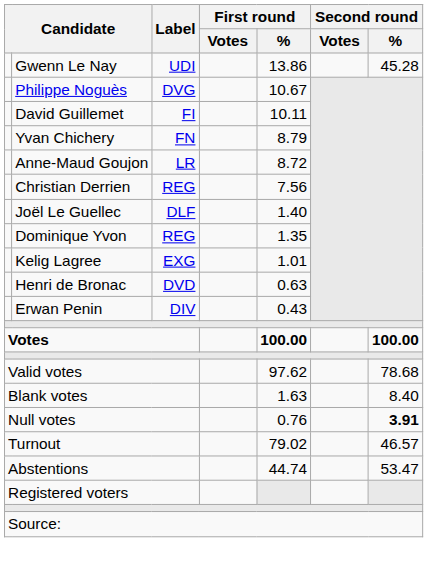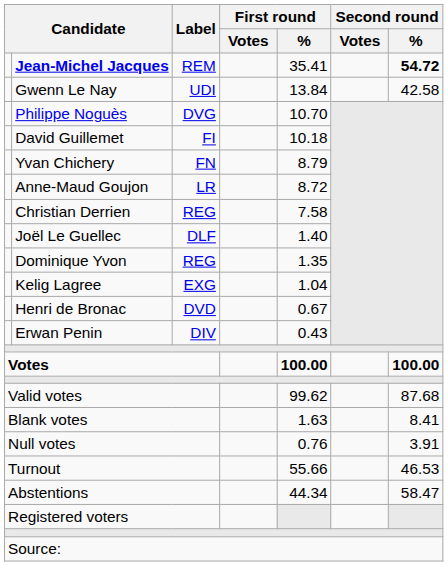 <table class="wikitable" style="text-align:right;font-size:95%;">
 <tr>
 <th rowspan="2" colspan="2">Candidate</th>
 <th rowspan="2">Label</th>
 <th colspan="2">First round</th>
 <th colspan="2">Second round</th>
 </tr>
 <tr>
 <th style="width:50px;">Votes</th>
 <th style="width:45px;">%</th>
 <th style="width:50px;">Votes</th>
 <th style="width:45px;">%</th>
 </tr>
 <tr>
 <td style="color:inherit;background:"></td>
+<td style="text-align:left;"><strong><a href='#'>Jean-Michel Jacques</a></strong></td>
+<td><a href='#'>REM</a></td>
+<td></td>
+<td>35.41</td>
+<td><strong></strong></td>
+<td><strong>54.72</strong></td>
+</tr>
+<tr>
+<td style="color:inherit;background:"></td>
 <td style="text-align:left;">Gwenn Le Nay</td>
 <td><a href='#'>UDI</a></td>
 <td></td>
-<td>13.86</td>
+<td>13.84</td>
 <td></td>
-<td>45.28</td>
+<td>42.58</td>
 </tr>
 <tr>
 <td style="color:inherit;background:"></td>
 <td style="text-align:left;"><a href='#'>Philippe Noguès</a></td>
 <td><a href='#'>DVG</a></td>
 <td></td>
-<td>10.67</td>
+<td>10.70</td>
 <td colspan="2" rowspan="10" style="background:#E9E9E9;"></td>
 </tr>
 <tr>
 <td style="color:inherit;background:"></td>
 <td style="text-align:left;">David Guillemet</td>
 <td><a href='#'>FI</a></td>
 <td></td>
-<td>10.11</td>
+<td>10.18</td>
 </tr>
 <tr>
 <td style="color:inherit;background:"></td>
 <td style="text-align:left;">Yvan Chichery</td>
 <td><a href='#'>FN</a></td>
 <td></td>
 <td>8.79</td>
 </tr>
 <tr>
 <td style="color:inherit;background:"></td>
 <td style="text-align:left;">Anne-Maud Goujon</td>
 <td><a href='#'>LR</a></td>
 <td></td>
 <td>8.72</td>
 </tr>
 <tr>
 <td style="color:inherit;background:"></td>
 <td style="text-align:left;">Christian Derrien</td>
 <td><a href='#'>REG</a></td>
 <td></td>
-<td>7.56</td>
+<td>7.58</td>
 </tr>
 <tr>
 <td style="color:inherit;background:"></td>
 <td style="text-align:left;">Joël Le Guellec</td>
 <td><a href='#'>DLF</a></td>
 <td></td>
 <td>1.40</td>
 </tr>
 <tr>
 <td style="color:inherit;background:"></td>
 <td style="text-align:left;">Dominique Yvon</td>
 <td><a href='#'>REG</a></td>
 <td></td>
 <td>1.35</td>
 </tr>
 <tr>
 <td style="color:inherit;background:"></td>
 <td style="text-align:left;">Kelig Lagree</td>
 <td><a href='#'>EXG</a></td>
 <td></td>
-<td>1.01</td>
+<td>1.04</td>
 </tr>
 <tr>
 <td style="color:inherit;background:"></td>
 <td style="text-align:left;">Henri de Bronac</td>
 <td><a href='#'>DVD</a></td>
 <td></td>
-<td>0.63</td>
+<td>0.67</td>
 </tr>
 <tr>
 <td style="color:inherit;background:"></td>
 <td style="text-align:left;">Erwan Penin</td>
 <td><a href='#'>DIV</a></td>
 <td></td>
 <td>0.43</td>
 </tr>
 <tr>
 <td colspan="7" style="background:#E9E9E9;"></td>
 </tr>
 <tr style="font-weight:bold;">
 <td colspan="3" style="text-align:left;">Votes</td>
 <td></td>
 <td>100.00</td>
 <td></td>
 <td>100.00</td>
 </tr>
 <tr>
 <td colspan="7" style="background:#E9E9E9;"></td>
 </tr>
 <tr>
 <td colspan="3" style="text-align:left;">Valid votes</td>
 <td></td>
-<td>97.62</td>
+<td>99.62</td>
 <td></td>
-<td>78.68</td>
+<td>87.68</td>
 </tr>
 <tr>
 <td colspan="3" style="text-align:left;">Blank votes</td>
 <td></td>
 <td>1.63</td>
 <td></td>
-<td>8.40</td>
+<td>8.41</td>
 </tr>
 <tr>
 <td colspan="3" style="text-align:left;">Null votes</td>
 <td></td>
 <td>0.76</td>
 <td></td>
-<td><strong>3.91</strong></td>
+<td>3.91</td>
 </tr>
 <tr>
 <td colspan="3" style="text-align:left;">Turnout</td>
 <td></td>
-<td>79.02</td>
+<td>55.66</td>
 <td></td>
-<td>46.57</td>
+<td>46.53</td>
 </tr>
 <tr>
 <td colspan="3" style="text-align:left;">Abstentions</td>
 <td></td>
-<td>44.74</td>
+<td>44.34</td>
 <td></td>
-<td>53.47</td>
+<td>58.47</td>
 </tr>
 <tr>
 <td colspan="3" style="text-align:left;">Registered voters</td>
 <td></td>
 <td style="background:#E9E9E9;"></td>
 <td></td>
 <td style="background:#E9E9E9;"></td>
 </tr>
 <tr>
 <td colspan="7" style="background:#E9E9E9;"></td>
 </tr>
 <tr>
 <td colspan="7" style="text-align:left;">Source: </td>
 </tr>
 </table>
